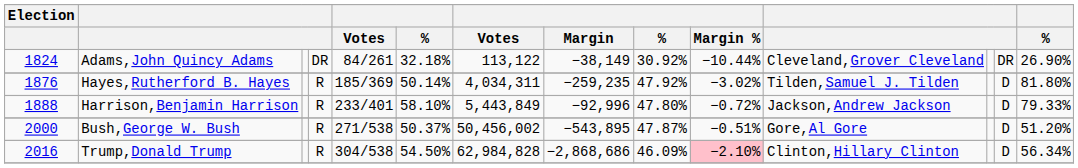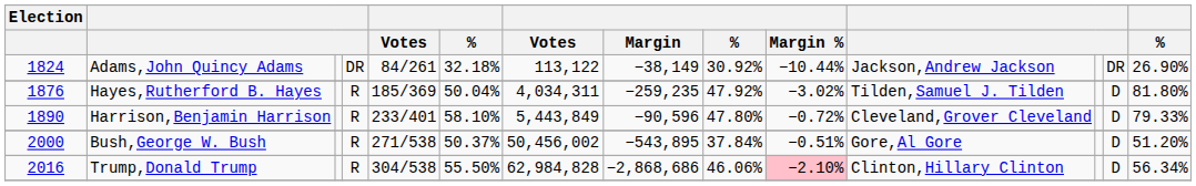 <table class="sortable wikitable" style="text-align:right;">
 <tr>
 </tr>
 <tr valign=bottom>
 <th>Election</th>
 <th colspan=3></th>
 <th colspan=2></th>
 <th colspan=4></th>
 <th colspan=3></th>
 <th></th>
 </tr>
 <tr>
 <th></th>
 <th colspan=3></th>
 <th data-sort-type="number">Votes</th>
 <th data-sort-type="number">%</th>
 <th data-sort-type="number">Votes</th>
 <th data-sort-type="number">Margin</th>
 <th data-sort-type="number">%</th>
 <th data-sort-type="number">Margin %</th>
 <th colspan=3></th>
 <th data-sort-type="number">%</th>
 </tr>
 <tr>
 <td style="text-align:center;"><a href='#'>1824</a></td>
 <td style="text-align:left;"><span>Adams,</span><a href='#'>John Quincy Adams</a></td>
 <td style="background-color:"></td>
 <td style="text-align:center;">DR</td>
 <td>84/261</td>
 <td>32.18%</td>
 <td>113,122</td>
 <td>−38,149</td>
 <td>30.92%</td>
 <td>−10.44%</td>
-<td style="text-align:left;"><span>Cleveland,</span><a href='#'>Grover Cleveland</a></td>
+<td style="text-align:left;"><span>Jackson,</span><a href='#'>Andrew Jackson</a></td>
 <td style="background-color:"></td>
 <td style="text-align:center;">DR</td>
 <td>26.90%</td>
 </tr>
 <tr>
 </tr>
 <tr>
 <td style="text-align:center;"><a href='#'>1876</a></td>
 <td style="text-align:left;"><span>Hayes,</span><a href='#'>Rutherford B. Hayes</a></td>
 <td style="background-color:"></td>
 <td style="text-align:center;">R</td>
 <td>185/369</td>
-<td>50.14%</td>
+<td>50.04%</td>
 <td>4,034,311</td>
 <td>−259,235</td>
 <td>47.92%</td>
 <td>−3.02%</td>
 <td style="text-align:left;"><span>Tilden,</span><a href='#'>Samuel J. Tilden</a></td>
 <td style="background-color:"></td>
 <td style="text-align:center;">D</td>
 <td>81.80%</td>
 </tr>
 <tr>
 </tr>
 <tr>
-<td style="text-align:center;"><a href='#'>1888</a></td>
+<td style="text-align:center;"><a href='#'>1890</a></td>
 <td style="text-align:left;"><span>Harrison,</span><a href='#'>Benjamin Harrison</a></td>
 <td style="background-color:"></td>
 <td style="text-align:center;">R</td>
 <td>233/401</td>
 <td>58.10%</td>
 <td>5,443,849</td>
-<td>−92,996</td>
+<td>−90,596</td>
 <td>47.80%</td>
 <td>−0.72%</td>
-<td style="text-align:left;"><span>Jackson,</span><a href='#'>Andrew Jackson</a></td>
+<td style="text-align:left;"><span>Cleveland,</span><a href='#'>Grover Cleveland</a></td>
 <td style="background-color:"></td>
 <td style="text-align:center;">D</td>
 <td>79.33%</td>
 </tr>
 <tr>
 </tr>
 <tr>
 <td style="text-align:center;"><a href='#'>2000</a></td>
 <td style="text-align:left;"><span>Bush,</span><a href='#'>George W. Bush</a></td>
 <td style="background-color:"></td>
 <td style="text-align:center;">R</td>
 <td>271/538</td>
 <td>50.37%</td>
 <td>50,456,002</td>
 <td>−543,895</td>
-<td>47.87%</td>
+<td>37.84%</td>
 <td>−0.51%</td>
 <td style="text-align:left;"><span>Gore,</span><a href='#'>Al Gore</a></td>
 <td style="background-color:"></td>
 <td style="text-align:center;">D</td>
 <td>51.20%</td>
 </tr>
 <tr>
 </tr>
 <tr>
 <td style="text-align:center;"><a href='#'>2016</a></td>
 <td style="text-align:left;"><span>Trump,</span><a href='#'>Donald Trump</a></td>
 <td style="background-color:"></td>
 <td style="text-align:center;">R</td>
 <td>304/538</td>
-<td>54.50%</td>
+<td>55.50%</td>
 <td>62,984,828</td>
 <td>−2,868,686</td>
-<td>46.09% </td>
+<td>46.06% </td>
 <td style="background: pink;">−2.10%</td>
 <td style="text-align:left;"><span>Clinton,</span><a href='#'>Hillary Clinton</a></td>
 <td style="background-color:"></td>
 <td style="text-align:center;">D</td>
 <td>56.34%</td>
 </tr>
 <tr>
 </tr>
 </table>
